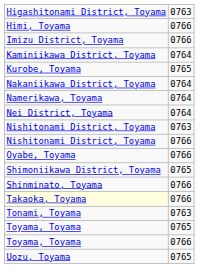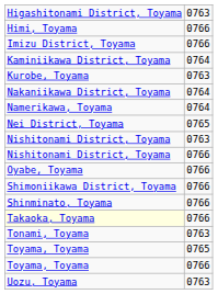 <table class="wikitable">
 <tr>
 <td><a href='#'>Higashitonami District, Toyama</a></td>
 <td>0763</td>
 </tr>
 <tr>
 <td><a href='#'>Himi, Toyama</a></td>
 <td>0766</td>
 </tr>
 <tr>
 <td><a href='#'>Imizu District, Toyama</a></td>
 <td>0766</td>
 </tr>
 <tr>
 <td><a href='#'>Kaminiikawa District, Toyama</a></td>
 <td>0764</td>
 </tr>
 <tr>
 <td><a href='#'>Kurobe, Toyama</a></td>
-<td>0765</td>
+<td>0763</td>
 </tr>
 <tr>
 <td><a href='#'>Nakaniikawa District, Toyama</a></td>
 <td>0764</td>
 </tr>
 <tr>
 <td><a href='#'>Namerikawa, Toyama</a></td>
 <td>0764</td>
 </tr>
 <tr>
 <td><a href='#'>Nei District, Toyama</a></td>
-<td>0764</td>
+<td>0765</td>
 </tr>
 <tr>
 <td><a href='#'>Nishitonami District, Toyama</a></td>
 <td>0763</td>
 </tr>
 <tr>
 <td><a href='#'>Nishitonami District, Toyama</a></td>
 <td>0766</td>
 </tr>
 <tr>
 <td><a href='#'>Oyabe, Toyama</a></td>
 <td>0766</td>
 </tr>
 <tr>
 <td><a href='#'>Shimoniikawa District, Toyama</a></td>
-<td>0765</td>
+<td>0766</td>
 </tr>
 <tr>
 <td><a href='#'>Shinminato, Toyama</a></td>
 <td>0766</td>
 </tr>
 <tr>
 <td style="background: lightyellow;"><a href='#'>Takaoka, Toyama</a></td>
 <td>0766</td>
 </tr>
 <tr>
 <td><a href='#'>Tonami, Toyama</a></td>
 <td>0763</td>
 </tr>
 <tr>
 <td><a href='#'>Toyama, Toyama</a></td>
 <td>0765</td>
 </tr>
 <tr>
 <td><a href='#'>Toyama, Toyama</a></td>
 <td>0766</td>
 </tr>
 <tr>
 <td><a href='#'>Uozu, Toyama</a></td>
-<td>0765</td>
+<td>0763</td>
 </tr>
 </table>
